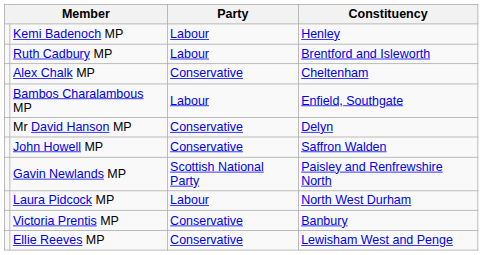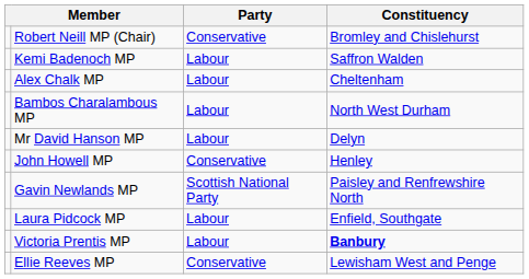 <table class="wikitable">
 <tr>
 <th colspan="2" valign="top">Member</th>
 <th valign="top">Party</th>
 <th valign="top">Constituency</th>
 </tr>
 <tr>
 <td style="color:inherit;background:"></td>
-<td><a href='#'>Kemi Badenoch</a> MP</td>
-<td><a href='#'>Labour</a></td>
-<td><a href='#'>Henley</a></td>
+<td><a href='#'>Robert Neill</a> MP (Chair)</td>
+<td><a href='#'>Conservative</a></td>
+<td><a href='#'>Bromley and Chislehurst</a></td>
 </tr>
 <tr>
 <td style="color:inherit;background:"></td>
-<td><a href='#'>Ruth Cadbury</a> MP</td>
+<td><a href='#'>Kemi Badenoch</a> MP</td>
 <td><a href='#'>Labour</a></td>
-<td><a href='#'>Brentford and Isleworth</a></td>
+<td><a href='#'>Saffron Walden</a></td>
 </tr>
 <tr>
 <td style="color:inherit;background:"></td>
 <td><a href='#'>Alex Chalk</a> MP</td>
-<td><a href='#'>Conservative</a></td>
+<td><a href='#'>Labour</a></td>
 <td><a href='#'>Cheltenham</a></td>
 </tr>
 <tr>
 <td style="color:inherit;background:"></td>
 <td><a href='#'>Bambos Charalambous</a> MP</td>
 <td><a href='#'>Labour</a></td>
-<td><a href='#'>Enfield, Southgate</a></td>
+<td><a href='#'>North West Durham</a></td>
 </tr>
 <tr>
 <td style="color:inherit;background:"></td>
 <td>Mr <a href='#'>David Hanson</a> MP</td>
-<td><a href='#'>Conservative</a></td>
+<td><a href='#'>Labour</a></td>
 <td><a href='#'>Delyn</a></td>
 </tr>
 <tr>
 <td style="color:inherit;background:"></td>
 <td><a href='#'>John Howell</a> MP</td>
 <td><a href='#'>Conservative</a></td>
-<td><a href='#'>Saffron Walden</a></td>
+<td><a href='#'>Henley</a></td>
 </tr>
 <tr>
 <td style="color:inherit;background:"></td>
 <td><a href='#'>Gavin Newlands</a> MP</td>
 <td><a href='#'>Scottish National Party</a></td>
 <td><a href='#'>Paisley and Renfrewshire North</a></td>
 </tr>
 <tr>
 <td style="color:inherit;background:"></td>
 <td><a href='#'>Laura Pidcock</a> MP</td>
 <td><a href='#'>Labour</a></td>
-<td><a href='#'>North West Durham</a></td>
+<td><a href='#'>Enfield, Southgate</a></td>
 </tr>
 <tr>
 <td style="color:inherit;background:"></td>
 <td><a href='#'>Victoria Prentis</a> MP</td>
-<td><a href='#'>Conservative</a></td>
-<td><a href='#'>Banbury</a></td>
+<td><a href='#'>Labour</a></td>
+<td><strong><a href='#'>Banbury</a></strong></td>
 </tr>
 <tr>
 <td style="color:inherit;background:"></td>
 <td><a href='#'>Ellie Reeves</a> MP</td>
 <td><a href='#'>Conservative</a></td>
 <td><a href='#'>Lewisham West and Penge</a></td>
 </tr>
 </table>
